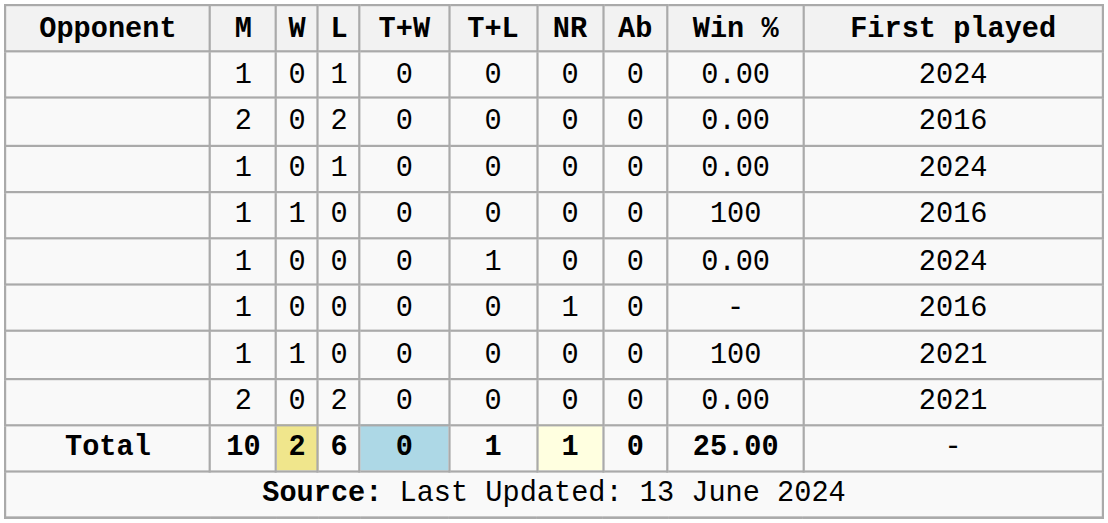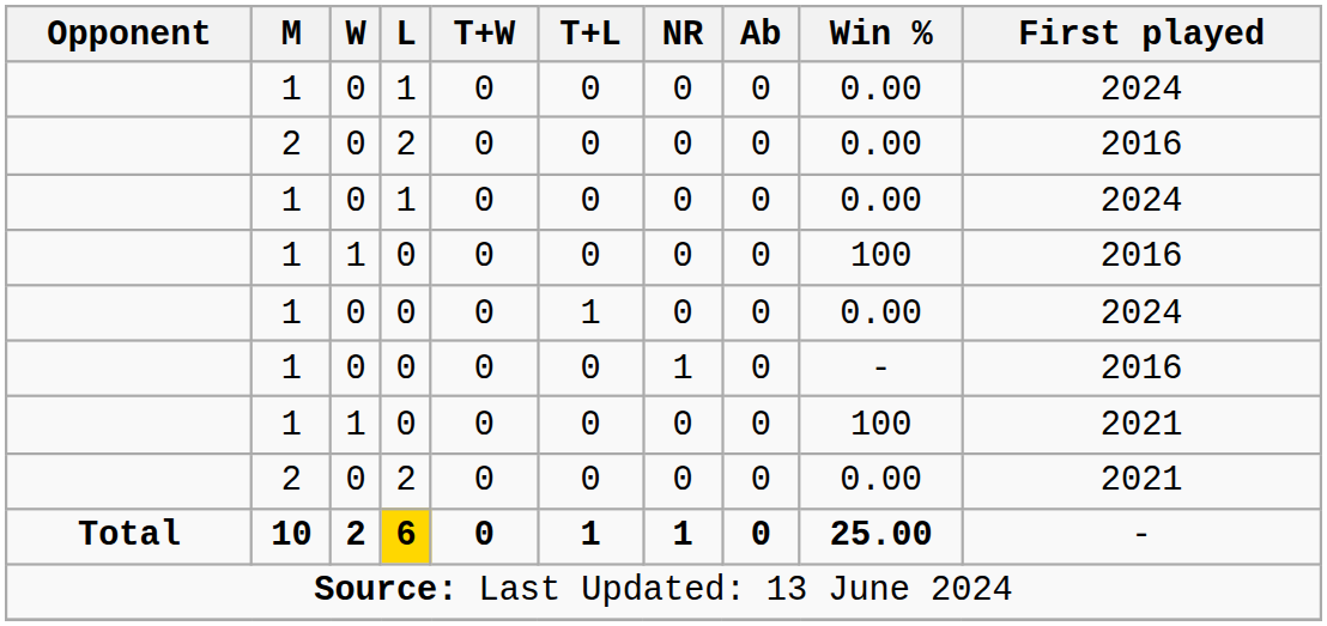 <table class="wikitable" style="text-align: center; width: 500px;">
 <tr>
 <th>Opponent</th>
 <th>M</th>
 <th>W</th>
 <th>L</th>
 <th>T+W</th>
 <th>T+L</th>
 <th>NR</th>
 <th>Ab</th>
 <th>Win %</th>
 <th>First played</th>
 </tr>
 <tr>
 <td align="left"></td>
 <td>1</td>
 <td>0</td>
 <td>1</td>
 <td>0</td>
 <td>0</td>
 <td>0</td>
 <td>0</td>
 <td>0.00</td>
 <td>2024</td>
 </tr>
 <tr>
 <td align="left"></td>
 <td>2</td>
 <td>0</td>
 <td>2</td>
 <td>0</td>
 <td>0</td>
 <td>0</td>
 <td>0</td>
 <td>0.00</td>
 <td>2016</td>
 </tr>
 <tr>
 <td align="left"></td>
 <td>1</td>
 <td>0</td>
 <td>1</td>
 <td>0</td>
 <td>0</td>
 <td>0</td>
 <td>0</td>
 <td>0.00</td>
 <td>2024</td>
 </tr>
 <tr>
 <td align="left"></td>
 <td>1</td>
 <td>1</td>
 <td>0</td>
 <td>0</td>
 <td>0</td>
 <td>0</td>
 <td>0</td>
 <td>100</td>
 <td>2016</td>
 </tr>
 <tr>
 <td align="left"></td>
 <td>1</td>
 <td>0</td>
 <td>0</td>
 <td>0</td>
 <td>1</td>
 <td>0</td>
 <td>0</td>
 <td>0.00</td>
 <td>2024</td>
 </tr>
 <tr>
 <td align="left"></td>
 <td>1</td>
 <td>0</td>
 <td>0</td>
 <td>0</td>
 <td>0</td>
 <td>1</td>
 <td>0</td>
 <td>-</td>
 <td>2016</td>
 </tr>
 <tr>
 <td align="left"></td>
 <td>1</td>
 <td>1</td>
 <td>0</td>
 <td>0</td>
 <td>0</td>
 <td>0</td>
 <td>0</td>
 <td>100</td>
 <td>2021</td>
 </tr>
 <tr>
 <td align="left"></td>
 <td>2</td>
 <td>0</td>
 <td>2</td>
 <td>0</td>
 <td>0</td>
 <td>0</td>
 <td>0</td>
 <td>0.00</td>
 <td>2021</td>
 </tr>
 <tr>
 <td><strong>Total</strong></td>
 <td><strong>10</strong></td>
-<td style="background: khaki;"><strong>2</strong></td>
-<td><strong>6</strong></td>
-<td style="background: lightblue;"><strong>0</strong></td>
+<td><strong>2</strong></td>
+<td style="background: gold;"><strong>6</strong></td>
+<td><strong>0</strong></td>
 <td><strong>1</strong></td>
-<td style="background: lightyellow;"><strong>1</strong></td>
+<td><strong>1</strong></td>
 <td><strong>0</strong></td>
 <td><strong>25.00</strong></td>
 <td>-</td>
 </tr>
 <tr>
 <td colspan="10"><strong>Source:</strong> Last Updated: 13 June 2024</td>
 </tr>
 <tr>
 </tr>
 </table>
